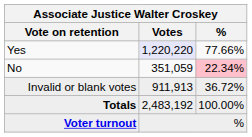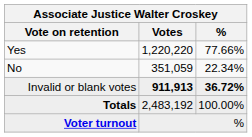 <table class="wikitable" style="font-size: 95%;">
 <tr style="background-color:#E9E9E9">
 <th colspan=7>Associate Justice Walter Croskey</th>
 </tr>
 <tr style="background-color:#E9E9E9">
 <th style="width: 170px">Vote on retention</th>
 <th style="width: 50px">Votes</th>
 <th style="width: 40px">%</th>
 </tr>
 <tr>
 <td>Yes</td>
-<td align="right" style="background: lavender;">1,220,220</td>
+<td align="right">1,220,220</td>
 <td align="right">77.66%</td>
 </tr>
 <tr>
 <td>No</td>
 <td align="right">351,059</td>
-<td align="right" style="background: pink;">22.34%</td>
+<td align="right">22.34%</td>
 </tr>
 <tr style="background-color:#EEEEEE">
 <td align="right">Invalid or blank votes</td>
-<td align="right">911,913</td>
-<td align="right">36.72%</td>
+<td align="right"><strong>911,913</strong></td>
+<td align="right"><strong>36.72%</strong></td>
 </tr>
 <tr style="background-color:#EEEEEE">
 <td colspan="1" align="right"><strong>Totals</strong></td>
 <td align="right">2,483,192</td>
 <td align="right">100.00%</td>
 </tr>
 <tr style="background-color:#EEEEEE">
 <td align="right"><strong><a href='#'>Voter turnout</a></strong></td>
 <td colspan="2" align="right">%</td>
 </tr>
 </table>
